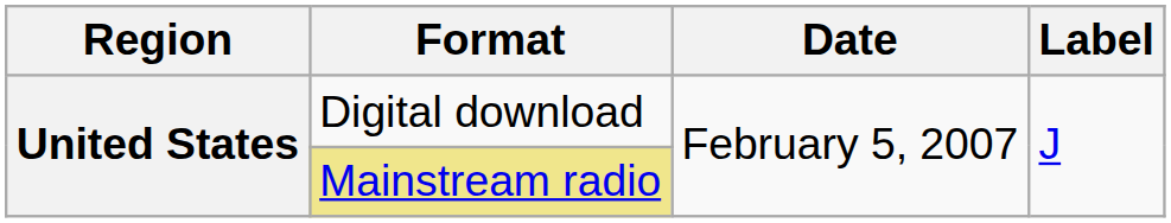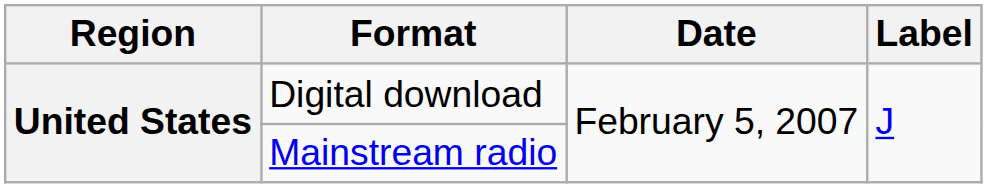 <table class="wikitable plainrowheaders">
 <tr>
 <th scope="col">Region</th>
 <th scope="col">Format</th>
 <th scope="col">Date</th>
 <th scope="col">Label</th>
 </tr>
 <tr>
 <th scope="row" rowspan="2">United States</th>
 <td>Digital download</td>
 <td rowspan="2">February 5, 2007</td>
 <td rowspan="2"><a href='#'>J</a></td>
 </tr>
 <tr>
-<td style="background: khaki;"><a href='#'>Mainstream radio</a></td>
+<td><a href='#'>Mainstream radio</a></td>
 </tr>
 </table>
